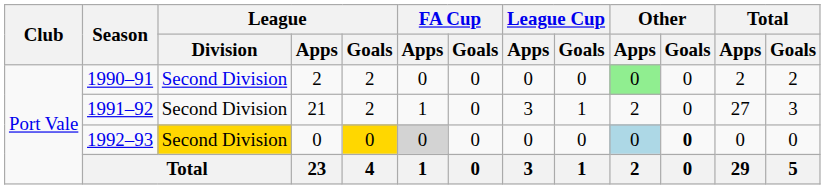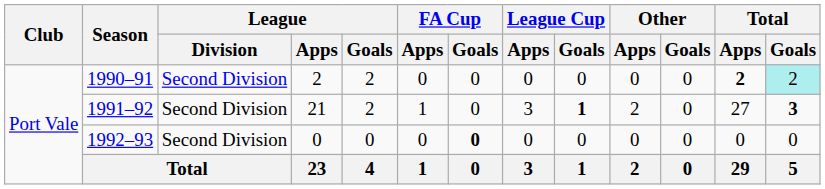 <table class="wikitable" style="text-align:center">
 <tr>
 <th rowspan="2">Club</th>
 <th rowspan="2">Season</th>
 <th colspan="3">League</th>
 <th colspan="2"><a href='#'>FA Cup</a></th>
 <th colspan="2"><a href='#'>League Cup</a></th>
 <th colspan="2">Other</th>
 <th colspan="2">Total</th>
 </tr>
 <tr>
 <th>Division</th>
 <th>Apps</th>
 <th>Goals</th>
 <th>Apps</th>
 <th>Goals</th>
 <th>Apps</th>
 <th>Goals</th>
 <th>Apps</th>
 <th>Goals</th>
 <th>Apps</th>
 <th>Goals</th>
 </tr>
 <tr>
 <td rowspan="4"><a href='#'>Port Vale</a></td>
 <td><a href='#'>1990–91</a></td>
 <td><a href='#'>Second Division</a></td>
 <td>2</td>
 <td>2</td>
 <td>0</td>
 <td>0</td>
 <td>0</td>
 <td>0</td>
-<td style="background: lightgreen;">0</td>
 <td>0</td>
-<td>2</td>
-<td>2</td>
+<td>0</td>
+<td><strong>2</strong></td>
+<td style="background: paleturquoise;">2</td>
 </tr>
 <tr>
 <td><a href='#'>1991–92</a></td>
 <td>Second Division</td>
 <td>21</td>
 <td>2</td>
 <td>1</td>
 <td>0</td>
 <td>3</td>
-<td>1</td>
+<td><strong>1</strong></td>
 <td>2</td>
 <td>0</td>
 <td>27</td>
-<td>3</td>
+<td><strong>3</strong></td>
 </tr>
 <tr>
 <td><a href='#'>1992–93</a></td>
-<td style="background: gold;">Second Division</td>
-<td>0</td>
-<td style="background: gold;">0</td>
-<td style="background: lightgrey;">0</td>
+<td>Second Division</td>
 <td>0</td>
 <td>0</td>
 <td>0</td>
-<td style="background: lightblue;">0</td>
 <td><strong>0</strong></td>
+<td>0</td>
+<td>0</td>
+<td>0</td>
+<td>0</td>
 <td>0</td>
 <td>0</td>
 </tr>
 <tr>
 <th colspan="2">Total</th>
 <th>23</th>
 <th>4</th>
 <th>1</th>
 <th>0</th>
 <th>3</th>
 <th>1</th>
 <th>2</th>
 <th>0</th>
 <th>29</th>
 <th>5</th>
 </tr>
 </table>
